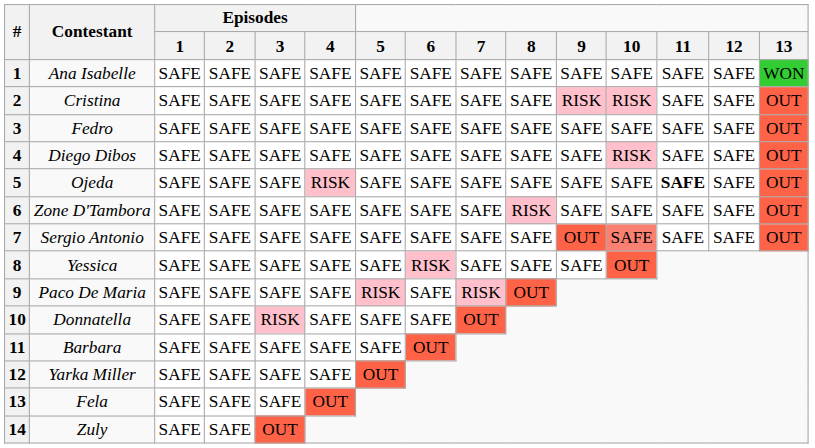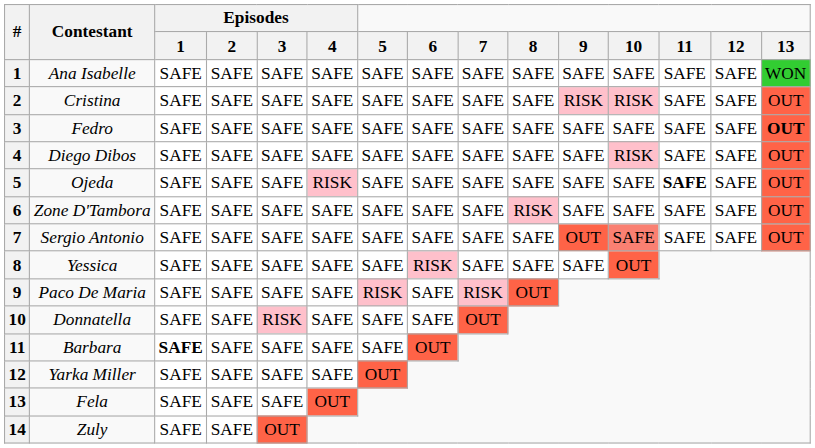 <table class="wikitable" style="text-align:center">
 <tr>
 <th rowspan=2>#</th>
 <th rowspan=2>Contestant</th>
 <th colspan=4>Episodes</th>
 </tr>
 <tr>
 <th>1</th>
 <th>2</th>
 <th>3</th>
 <th>4</th>
 <th>5</th>
 <th>6</th>
 <th>7</th>
 <th>8</th>
 <th>9</th>
 <th>10</th>
 <th>11</th>
 <th>12</th>
 <th>13</th>
 </tr>
 <tr>
 <th>1</th>
 <td><em>Ana Isabelle</em></td>
 <td bgcolor="white">SAFE</td>
 <td bgcolor="white">SAFE</td>
 <td bgcolor="white">SAFE</td>
 <td bgcolor="white">SAFE</td>
 <td bgcolor="white">SAFE</td>
 <td bgcolor="white">SAFE</td>
 <td bgcolor="white">SAFE</td>
 <td bgcolor="white">SAFE</td>
 <td bgcolor="white">SAFE</td>
 <td bgcolor="white">SAFE</td>
 <td bgcolor="white">SAFE</td>
 <td bgcolor="white">SAFE</td>
 <td bgcolor="limegreen">WON</td>
 </tr>
 <tr>
 <th>2</th>
 <td><em>Cristina</em></td>
 <td bgcolor="white">SAFE</td>
 <td bgcolor="white">SAFE</td>
 <td bgcolor="white">SAFE</td>
 <td bgcolor="white">SAFE</td>
 <td bgcolor="white">SAFE</td>
 <td bgcolor="white">SAFE</td>
 <td bgcolor="white">SAFE</td>
 <td bgcolor="white">SAFE</td>
 <td bgcolor="PINK">RISK</td>
 <td bgcolor="PINK">RISK</td>
 <td bgcolor="white">SAFE</td>
 <td bgcolor="white">SAFE</td>
 <td bgcolor="tomato">OUT</td>
 </tr>
 <tr>
 <th>3</th>
 <td><em>Fedro</em></td>
 <td bgcolor="white">SAFE</td>
 <td bgcolor="white">SAFE</td>
 <td bgcolor="white">SAFE</td>
 <td bgcolor="white">SAFE</td>
 <td bgcolor="white">SAFE</td>
 <td bgcolor="white">SAFE</td>
 <td bgcolor="white">SAFE</td>
 <td bgcolor="white">SAFE</td>
 <td bgcolor="white">SAFE</td>
 <td bgcolor="white">SAFE</td>
 <td bgcolor="white">SAFE</td>
 <td bgcolor="white">SAFE</td>
-<td bgcolor="tomato">OUT</td>
+<td bgcolor="tomato"><strong>OUT</strong></td>
 </tr>
 <tr>
 <th>4</th>
 <td><em>Diego Dibos</em></td>
 <td bgcolor="white">SAFE</td>
 <td bgcolor="white">SAFE</td>
 <td bgcolor="white">SAFE</td>
 <td bgcolor="white">SAFE</td>
 <td bgcolor="white">SAFE</td>
 <td bgcolor="white">SAFE</td>
 <td bgcolor="white">SAFE</td>
 <td bgcolor="white">SAFE</td>
 <td bgcolor="white">SAFE</td>
 <td bgcolor="PINK">RISK</td>
 <td bgcolor="white">SAFE</td>
 <td bgcolor="white">SAFE</td>
 <td bgcolor="tomato">OUT</td>
 </tr>
 <tr>
 <th>5</th>
 <td><em>Ojeda</em></td>
 <td bgcolor="white">SAFE</td>
 <td bgcolor="white">SAFE</td>
 <td bgcolor="white">SAFE</td>
 <td bgcolor="pink">RISK</td>
 <td bgcolor="white">SAFE</td>
 <td bgcolor="white">SAFE</td>
 <td bgcolor="white">SAFE</td>
 <td bgcolor="white">SAFE</td>
 <td bgcolor="white">SAFE</td>
 <td bgcolor="white">SAFE</td>
 <td bgcolor="white"><strong>SAFE</strong></td>
 <td bgcolor="white">SAFE</td>
 <td bgcolor="tomato">OUT</td>
 </tr>
 <tr>
 <th>6</th>
 <td><em>Zone D'Tambora</em></td>
 <td bgcolor="white">SAFE</td>
 <td bgcolor="white">SAFE</td>
 <td bgcolor="white">SAFE</td>
 <td bgcolor="white">SAFE</td>
 <td bgcolor="white">SAFE</td>
 <td bgcolor="white">SAFE</td>
 <td bgcolor="white">SAFE</td>
 <td bgcolor="PINK">RISK</td>
 <td bgcolor="white">SAFE</td>
 <td bgcolor="white">SAFE</td>
 <td bgcolor="white">SAFE</td>
 <td bgcolor="white">SAFE</td>
 <td bgcolor="tomato">OUT</td>
 </tr>
 <tr>
 <th>7</th>
 <td><em>Sergio Antonio</em></td>
 <td bgcolor="white">SAFE</td>
 <td bgcolor="white">SAFE</td>
 <td bgcolor="white">SAFE</td>
 <td bgcolor="white">SAFE</td>
 <td bgcolor="white">SAFE</td>
 <td bgcolor="white">SAFE</td>
 <td bgcolor="white">SAFE</td>
 <td bgcolor="white">SAFE</td>
 <td bgcolor="tomato">OUT</td>
 <td bgcolor="salmon">SAFE</td>
 <td bgcolor="white">SAFE</td>
 <td bgcolor="white">SAFE</td>
 <td bgcolor="tomato">OUT</td>
 </tr>
 <tr>
 <th>8</th>
 <td><em>Yessica</em></td>
 <td bgcolor="white">SAFE</td>
 <td bgcolor="white">SAFE</td>
 <td bgcolor="white">SAFE</td>
 <td bgcolor="white">SAFE</td>
 <td bgcolor="white">SAFE</td>
 <td bgcolor="PINK">RISK</td>
 <td bgcolor="white">SAFE</td>
 <td bgcolor="white">SAFE</td>
 <td bgcolor="white">SAFE</td>
 <td bgcolor="TOMATO">OUT</td>
 </tr>
 <tr>
 <th>9</th>
 <td><em>Paco De Maria</em></td>
 <td bgcolor="white">SAFE</td>
 <td bgcolor="white">SAFE</td>
 <td bgcolor="white">SAFE</td>
 <td bgcolor="white">SAFE</td>
 <td bgcolor="pink">RISK</td>
 <td bgcolor="white">SAFE</td>
 <td bgcolor="PINK">RISK</td>
 <td bgcolor="TOMATO">OUT</td>
 </tr>
 <tr>
 <th>10</th>
 <td><em>Donnatella</em></td>
 <td bgcolor="white">SAFE</td>
 <td bgcolor="white">SAFE</td>
 <td bgcolor="pink">RISK</td>
 <td bgcolor="white">SAFE</td>
 <td bgcolor="white">SAFE</td>
 <td bgcolor="white">SAFE</td>
 <td bgcolor="TOMATO">OUT</td>
 </tr>
 <tr>
 <th>11</th>
 <td><em>Barbara</em></td>
-<td bgcolor="white">SAFE</td>
+<td bgcolor="white"><strong>SAFE</strong></td>
 <td bgcolor="white">SAFE</td>
 <td bgcolor="white">SAFE</td>
 <td bgcolor="white">SAFE</td>
 <td bgcolor="white">SAFE</td>
 <td bgcolor="TOMATO">OUT</td>
 </tr>
 <tr>
 <th>12</th>
 <td><em>Yarka Miller</em></td>
 <td bgcolor="white">SAFE</td>
 <td bgcolor="white">SAFE</td>
 <td bgcolor="white">SAFE</td>
 <td bgcolor="white">SAFE</td>
 <td bgcolor="tomato">OUT</td>
 </tr>
 <tr>
 <th>13</th>
 <td><em>Fela</em></td>
 <td bgcolor="white">SAFE</td>
 <td bgcolor="white">SAFE</td>
 <td bgcolor="white">SAFE</td>
 <td bgcolor="tomato">OUT</td>
 </tr>
 <tr>
 <th>14</th>
 <td><em>Zuly</em></td>
 <td bgcolor="white">SAFE</td>
 <td bgcolor="white">SAFE</td>
 <td bgcolor="tomato">OUT</td>
 </tr>
 </table>
